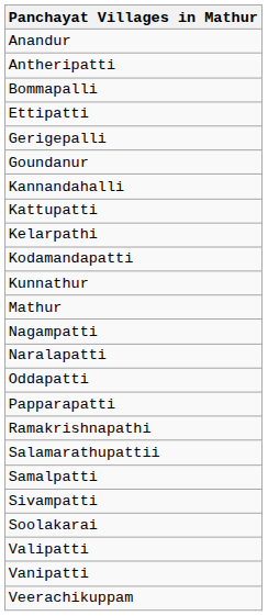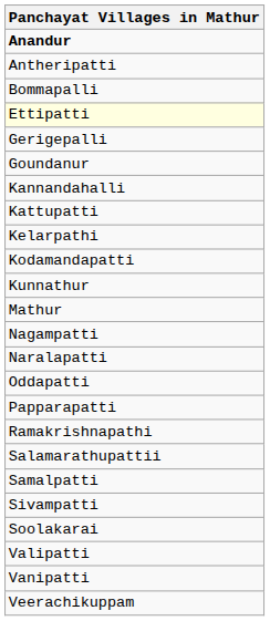 <table class="wikitable sortable">
 <tr>
 <th>Panchayat Villages in Mathur</th>
 </tr>
 <tr>
-<td>Anandur</td>
+<td><strong>Anandur</strong></td>
 </tr>
 <tr>
 <td>Antheripatti</td>
 </tr>
 <tr>
 <td>Bommapalli</td>
 </tr>
 <tr>
-<td>Ettipatti</td>
+<td style="background: lightyellow;">Ettipatti</td>
 </tr>
 <tr>
 <td>Gerigepalli</td>
 </tr>
 <tr>
 <td>Goundanur</td>
 </tr>
 <tr>
 <td>Kannandahalli</td>
 </tr>
 <tr>
 <td>Kattupatti</td>
 </tr>
 <tr>
 <td>Kelarpathi</td>
 </tr>
 <tr>
 <td>Kodamandapatti</td>
 </tr>
 <tr>
 <td>Kunnathur</td>
 </tr>
 <tr>
 <td>Mathur</td>
 </tr>
 <tr>
 <td>Nagampatti</td>
 </tr>
 <tr>
 <td>Naralapatti</td>
 </tr>
 <tr>
 <td>Oddapatti</td>
 </tr>
 <tr>
 <td>Papparapatti</td>
 </tr>
 <tr>
 <td>Ramakrishnapathi</td>
 </tr>
 <tr>
 <td>Salamarathupattii</td>
 </tr>
 <tr>
 <td>Samalpatti</td>
 </tr>
 <tr>
 <td>Sivampatti</td>
 </tr>
 <tr>
 <td>Soolakarai</td>
 </tr>
 <tr>
 <td>Valipatti</td>
 </tr>
 <tr>
 <td>Vanipatti</td>
 </tr>
 <tr>
 <td>Veerachikuppam</td>
 </tr>
 </table>
